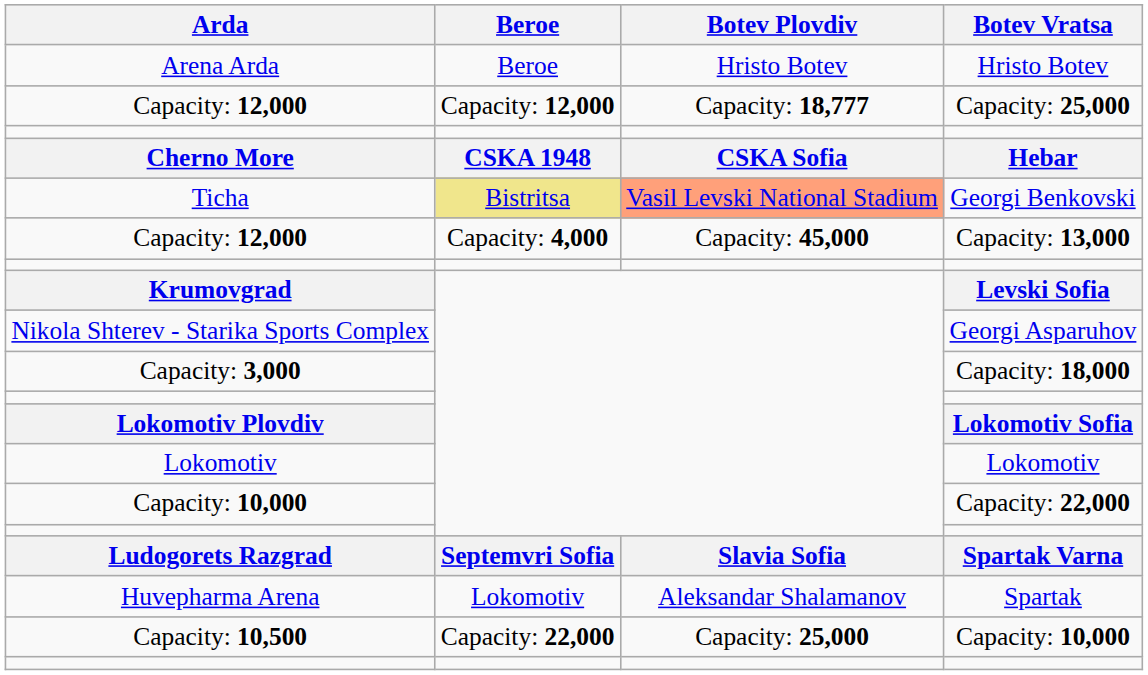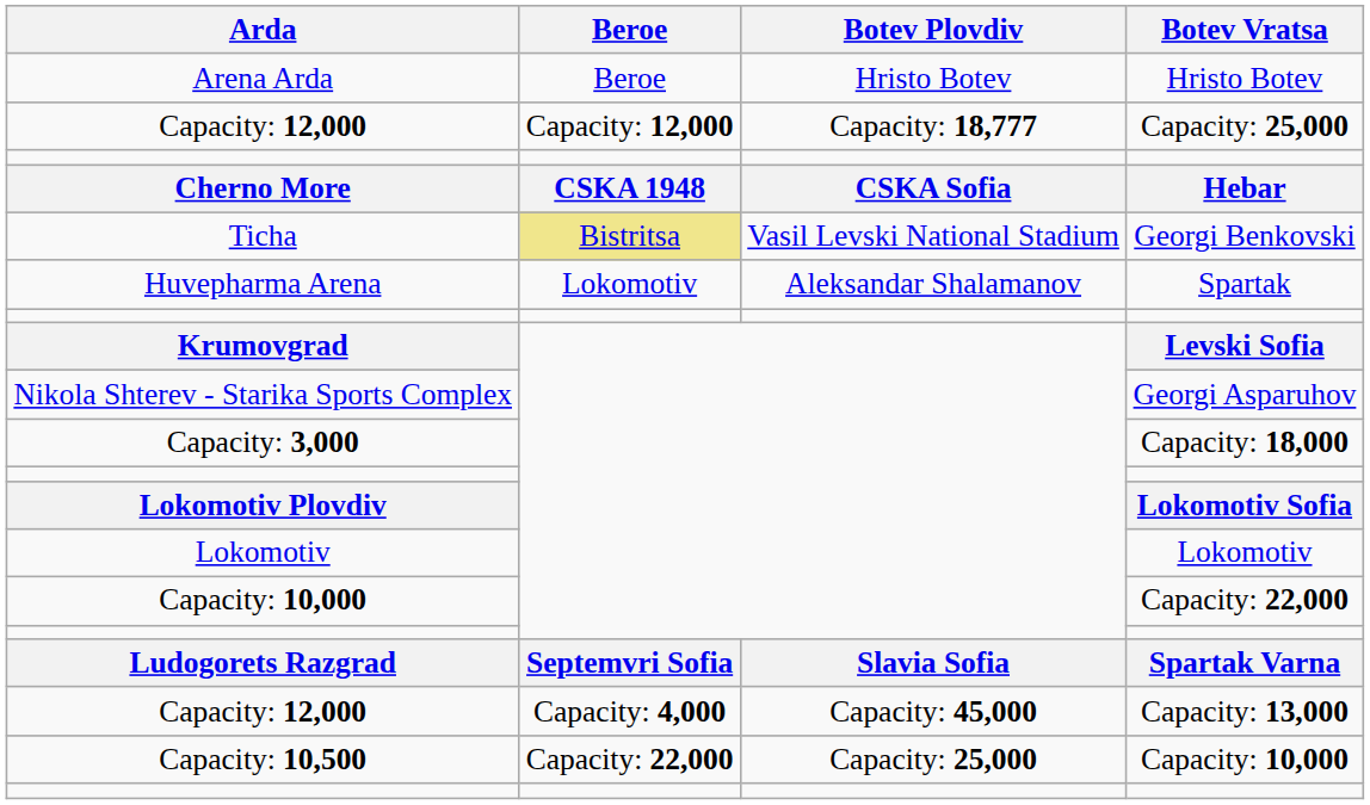 <table class="wikitable" style="text-align:center; margin:0.5em auto;">
 <tr>
 <th><a href='#'>Arda</a></th>
 <th><a href='#'>Beroe</a></th>
 <th><a href='#'>Botev Plovdiv</a></th>
 <th><a href='#'>Botev Vratsa</a></th>
 </tr>
 <tr>
 <td><a href='#'>Arena Arda</a></td>
 <td><a href='#'>Beroe</a></td>
 <td><a href='#'>Hristo Botev</a></td>
 <td><a href='#'>Hristo Botev</a></td>
 </tr>
 <tr>
 <td>Capacity: <strong>12,000</strong></td>
 <td>Capacity: <strong>12,000</strong></td>
 <td>Capacity: <strong>18,777</strong></td>
 <td>Capacity: <strong>25,000</strong></td>
 </tr>
 <tr>
 <td></td>
 <td></td>
 <td></td>
 <td></td>
 </tr>
 <tr>
 <th><a href='#'>Cherno More</a></th>
 <th><a href='#'>CSKA 1948</a></th>
 <th><a href='#'>CSKA Sofia</a></th>
 <th><a href='#'>Hebar</a></th>
 </tr>
 <tr>
 <td><a href='#'>Ticha</a></td>
 <td style="background: khaki;"><a href='#'>Bistritsa</a></td>
-<td style="background: lightsalmon;"><a href='#'>Vasil Levski National Stadium</a></td>
+<td><a href='#'>Vasil Levski National Stadium</a></td>
 <td><a href='#'>Georgi Benkovski</a></td>
 </tr>
 <tr>
-<td>Capacity: <strong>12,000</strong></td>
-<td>Capacity: <strong>4,000</strong></td>
-<td>Capacity: <strong>45,000</strong></td>
-<td>Capacity: <strong>13,000</strong></td>
+<td><a href='#'>Huvepharma Arena</a></td>
+<td><a href='#'>Lokomotiv</a></td>
+<td><a href='#'>Aleksandar Shalamanov</a></td>
+<td><a href='#'>Spartak</a></td>
 </tr>
 <tr>
 <td></td>
 <td></td>
 <td></td>
 <td></td>
 </tr>
 <tr>
 <th><a href='#'>Krumovgrad</a></th>
 <td colspan="2" rowspan="8"><br> </td>
 <th><a href='#'>Levski Sofia</a></th>
 </tr>
 <tr>
 <td><a href='#'>Nikola Shterev - Starika Sports Complex</a></td>
 <td><a href='#'>Georgi Asparuhov</a></td>
 </tr>
 <tr>
 <td>Capacity: <strong>3,000</strong></td>
 <td>Capacity: <strong>18,000</strong></td>
 </tr>
 <tr>
 <td></td>
 <td></td>
 </tr>
 <tr>
 <th><a href='#'>Lokomotiv Plovdiv</a></th>
 <th><a href='#'>Lokomotiv Sofia</a></th>
 </tr>
 <tr>
 <td><a href='#'>Lokomotiv</a></td>
 <td><a href='#'>Lokomotiv</a></td>
 </tr>
 <tr>
 <td>Capacity: <strong>10,000</strong></td>
 <td>Capacity: <strong>22,000</strong></td>
 </tr>
 <tr>
 <td></td>
 <td></td>
 </tr>
 <tr>
 <th><a href='#'>Ludogorets Razgrad</a></th>
 <th><a href='#'>Septemvri Sofia</a></th>
 <th><a href='#'>Slavia Sofia</a></th>
 <th><a href='#'>Spartak Varna</a></th>
 </tr>
 <tr>
-<td><a href='#'>Huvepharma Arena</a></td>
-<td><a href='#'>Lokomotiv</a></td>
-<td><a href='#'>Aleksandar Shalamanov</a></td>
-<td><a href='#'>Spartak</a></td>
+<td>Capacity: <strong>12,000</strong></td>
+<td>Capacity: <strong>4,000</strong></td>
+<td>Capacity: <strong>45,000</strong></td>
+<td>Capacity: <strong>13,000</strong></td>
 </tr>
 <tr>
 <td>Capacity: <strong>10,500</strong></td>
 <td>Capacity: <strong>22,000</strong></td>
 <td>Capacity: <strong>25,000</strong></td>
 <td>Capacity: <strong>10,000</strong></td>
 </tr>
 <tr>
 <td></td>
 <td></td>
 <td></td>
 <td></td>
 </tr>
 </table>
